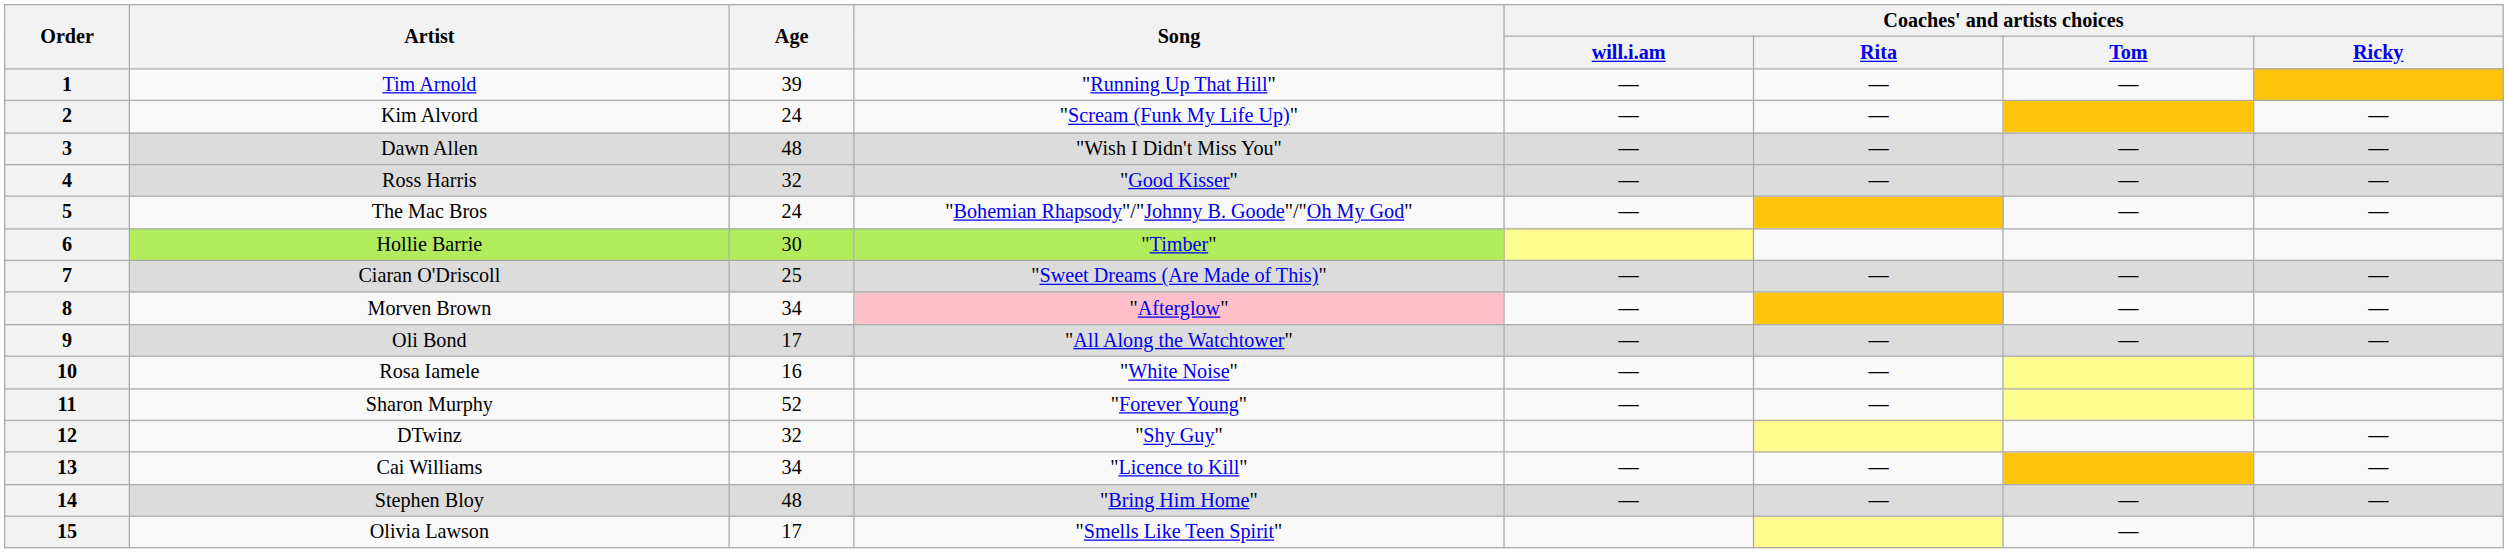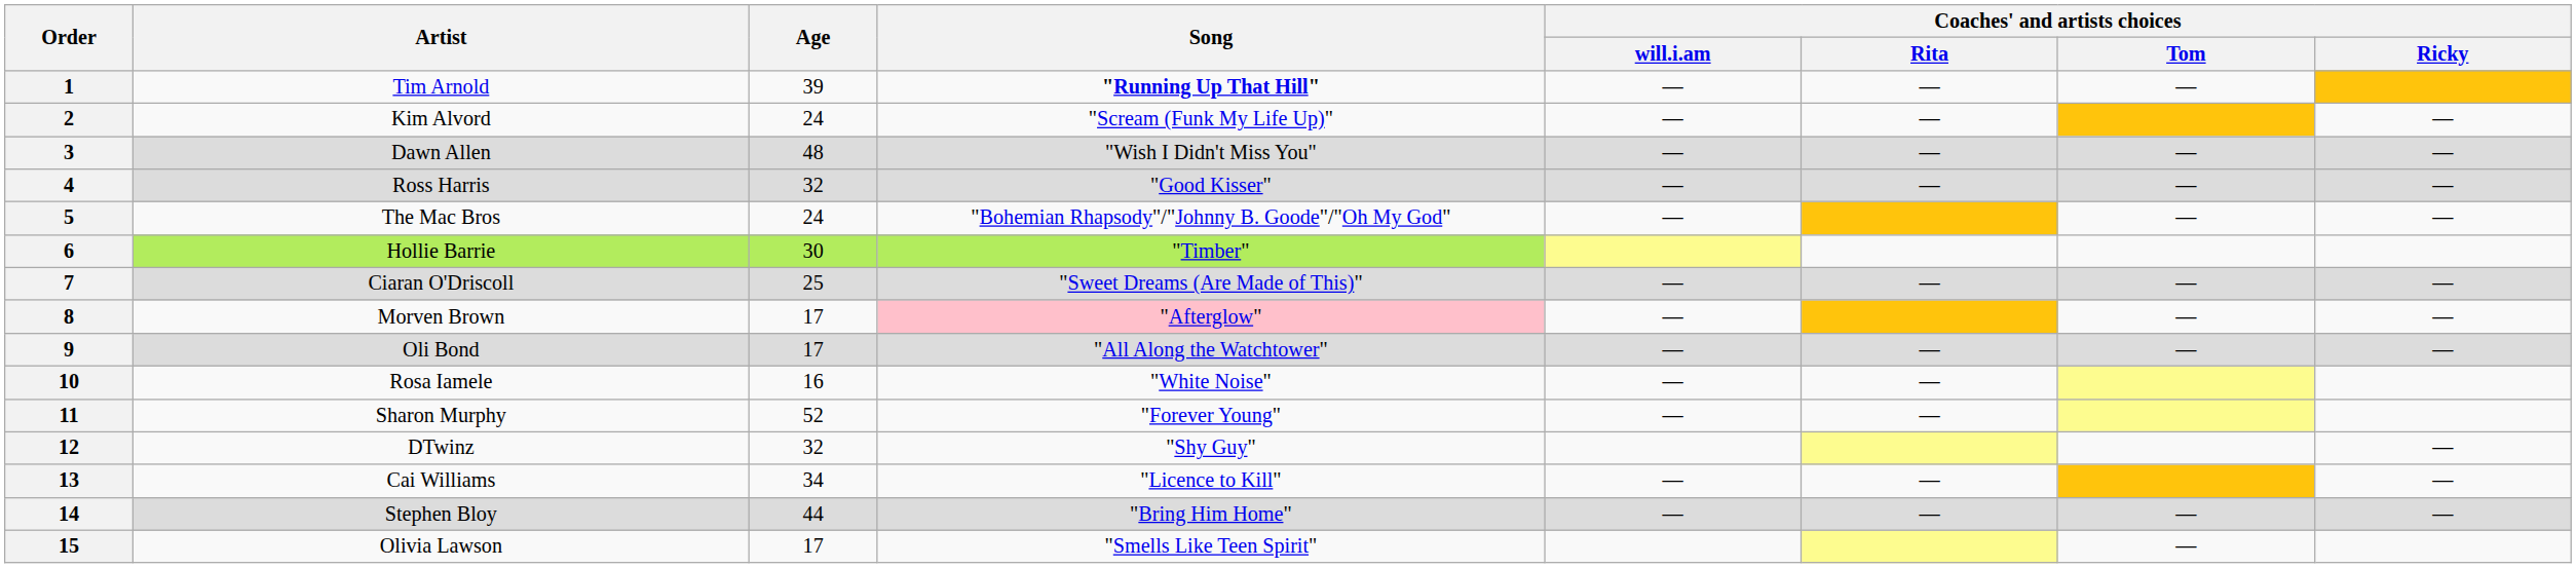 <table class="wikitable" style="text-align:center; width:100%;">
 <tr>
 <th scope="col" rowspan="2" style="width:05%;">Order</th>
 <th scope="col" rowspan="2" style="width:24%;">Artist</th>
 <th scope="col" rowspan="2" style="width:05%;">Age</th>
 <th scope="col" rowspan="2" style="width:26%;">Song</th>
 <th colspan="4" style="width:40%;">Coaches' and artists choices</th>
 </tr>
 <tr>
 <th style="width:10%;"><a href='#'>will.i.am</a></th>
 <th style="width:10%;"><a href='#'>Rita</a></th>
 <th style="width:10%;"><a href='#'>Tom</a></th>
 <th style="width:10%;"><a href='#'>Ricky</a></th>
 </tr>
 <tr>
 <th scope="col">1</th>
 <td><a href='#'>Tim Arnold</a></td>
 <td>39</td>
-<td>"<a href='#'>Running Up That Hill</a>"</td>
+<td><strong>"<a href='#'>Running Up That Hill</a>"</strong></td>
 <td>—</td>
 <td>—</td>
 <td>—</td>
 <td style="background:#FFC40C;text-align:center;"><strong></strong></td>
 </tr>
 <tr>
 <th scope="col">2</th>
 <td>Kim Alvord</td>
 <td>24</td>
 <td>"<a href='#'>Scream (Funk My Life Up)</a>"</td>
 <td>—</td>
 <td>—</td>
 <td style="background:#FFC40C;text-align:center;"><strong></strong></td>
 <td>—</td>
 </tr>
 <tr style="background:#DCDCDC">
 <th scope="col">3</th>
 <td style="background:#DCDCDC; text-align:center;">Dawn Allen</td>
 <td style="background:#DCDCDC; text-align:center;">48</td>
 <td style="background:#DCDCDC; text-align:center;">"Wish I Didn't Miss You"</td>
 <td>—</td>
 <td>—</td>
 <td>—</td>
 <td>—</td>
 </tr>
 <tr style="background:#DCDCDC">
 <th scope="col">4</th>
 <td style="background:#DCDCDC; text-align:center;">Ross Harris</td>
 <td style="background:#DCDCDC; text-align:center;">32</td>
 <td style="background:#DCDCDC; text-align:center;">"<a href='#'>Good Kisser</a>"</td>
 <td>—</td>
 <td>—</td>
 <td>—</td>
 <td>—</td>
 </tr>
 <tr>
 <th scope="col">5</th>
 <td>The Mac Bros</td>
 <td>24</td>
 <td>"<a href='#'>Bohemian Rhapsody</a>"/"<a href='#'>Johnny B. Goode</a>"/"<a href='#'>Oh My God</a>"</td>
 <td>—</td>
 <td style="background:#FFC40C;text-align:center;"><strong></strong></td>
 <td>—</td>
 <td>—</td>
 </tr>
 <tr>
 <th scope="col">6</th>
 <td style="background-color:#B2EC5D;">Hollie Barrie</td>
 <td style="background-color:#B2EC5D;">30</td>
 <td style="background-color:#B2EC5D;">"<a href='#'>Timber</a>"</td>
 <td style="background:#fdfc8f;text-align:center;"><strong></strong></td>
 <td><strong></strong></td>
 <td><strong></strong></td>
 <td><strong></strong></td>
 </tr>
 <tr style="background:#DCDCDC">
 <th scope="col">7</th>
 <td style="background:#DCDCDC; text-align:center;">Ciaran O'Driscoll</td>
 <td style="background:#DCDCDC; text-align:center;">25</td>
 <td style="background:#DCDCDC; text-align:center;">"<a href='#'>Sweet Dreams (Are Made of This)</a>"</td>
 <td>—</td>
 <td>—</td>
 <td>—</td>
 <td>—</td>
 </tr>
 <tr>
 <th scope="col">8</th>
 <td>Morven Brown</td>
-<td>34</td>
+<td>17</td>
 <td style="background: pink;">"<a href='#'>Afterglow</a>"</td>
 <td>—</td>
 <td style="background:#FFC40C;text-align:center;"><strong></strong></td>
 <td>—</td>
 <td>—</td>
 </tr>
 <tr style="background:#DCDCDC">
 <th scope="col">9</th>
 <td style="background:#DCDCDC; text-align:center;">Oli Bond</td>
 <td style="background:#DCDCDC; text-align:center;">17</td>
 <td style="background:#DCDCDC; text-align:center;">"<a href='#'>All Along the Watchtower</a>"</td>
 <td>—</td>
 <td>—</td>
 <td>—</td>
 <td>—</td>
 </tr>
 <tr>
 <th scope="col">10</th>
 <td>Rosa Iamele</td>
 <td>16</td>
 <td>"<a href='#'>White Noise</a>"</td>
 <td>—</td>
 <td>—</td>
 <td style="background:#fdfc8f;text-align:center;"><strong></strong></td>
 <td><strong></strong></td>
 </tr>
 <tr>
 <th scope="col">11</th>
 <td>Sharon Murphy</td>
 <td>52</td>
 <td>"<a href='#'>Forever Young</a>"</td>
 <td>—</td>
 <td>—</td>
 <td style="background:#fdfc8f;text-align:center;"><strong></strong></td>
 <td><strong></strong></td>
 </tr>
 <tr>
 <th scope="col">12</th>
 <td>DTwinz</td>
 <td>32</td>
 <td>"<a href='#'>Shy Guy</a>"</td>
 <td><strong></strong></td>
 <td style="background:#fdfc8f;text-align:center;"><strong></strong></td>
 <td><strong></strong></td>
 <td>—</td>
 </tr>
 <tr>
 <th scope="col">13</th>
 <td>Cai Williams</td>
 <td>34</td>
 <td>"<a href='#'>Licence to Kill</a>"</td>
 <td>—</td>
 <td>—</td>
 <td style="background:#FFC40C;text-align:center;"><strong></strong></td>
 <td>—</td>
 </tr>
 <tr style="background:#DCDCDC">
 <th scope="col">14</th>
 <td style="background:#DCDCDC; text-align:center;">Stephen Bloy</td>
-<td style="background:#DCDCDC; text-align:center;">48</td>
+<td style="background:#DCDCDC; text-align:center;">44</td>
 <td style="background:#DCDCDC; text-align:center;">"<a href='#'>Bring Him Home</a>"</td>
 <td>—</td>
 <td>—</td>
 <td>—</td>
 <td>—</td>
 </tr>
 <tr>
 <th scope="col">15</th>
 <td>Olivia Lawson</td>
 <td>17</td>
 <td>"<a href='#'>Smells Like Teen Spirit</a>"</td>
 <td><strong></strong></td>
 <td style="background:#fdfc8f;text-align:center;"><strong></strong></td>
 <td>—</td>
 <td><strong></strong></td>
 </tr>
 </table>
